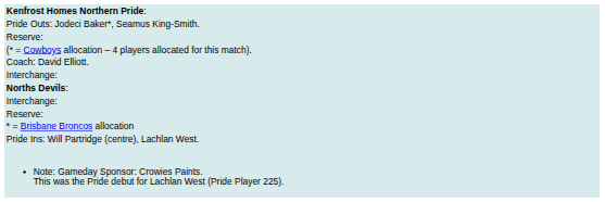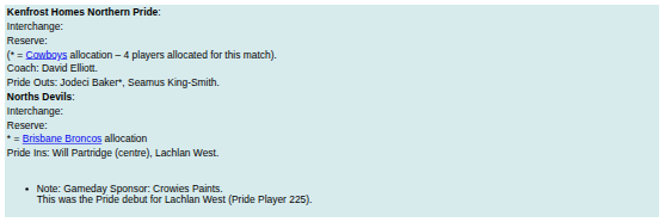 <table style="background:#d7ebed; font-size:85%; width:100%;">
 <tr>
 <td><strong>Kenfrost Homes Northern Pride</strong>:             </td>
 </tr>
 <tr>
-<td>Pride Outs: Jodeci Baker*, Seamus King-Smith.</td>
+<td>Interchange:    </td>
 </tr>
 <tr>
 <td>Reserve: </td>
 </tr>
 <tr>
 <td>(* = <a href='#'>Cowboys</a> allocation – 4 players allocated for this match).</td>
 </tr>
 <tr>
 <td>Coach: David Elliott.</td>
 </tr>
 <tr>
-<td>Interchange:    </td>
+<td>Pride Outs: Jodeci Baker*, Seamus King-Smith.</td>
 </tr>
 <tr>
 <td><strong>Norths Devils</strong>:             </td>
 </tr>
 <tr>
 <td>Interchange:    </td>
 </tr>
 <tr>
 <td>Reserve: </td>
 </tr>
 <tr>
 <td>* = <a href='#'>Brisbane Broncos</a> allocation</td>
 </tr>
 <tr>
 <td>Pride Ins: Will Partridge (centre), Lachlan West.</td>
 </tr>
 <tr>
 <td><br><ul><li>Note: Gameday Sponsor: Crowies Paints.<br>This was the Pride debut for Lachlan West (Pride Player 225).</li></ul></td>
 </tr>
 </table>
